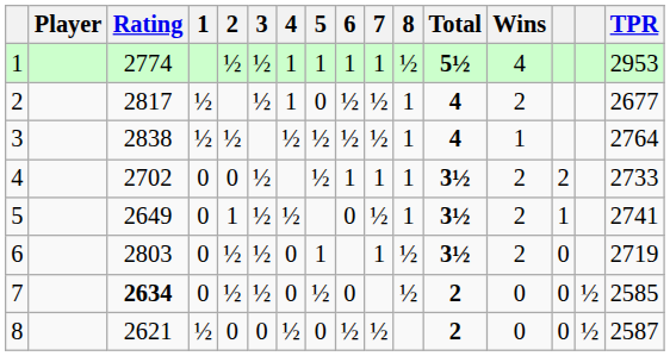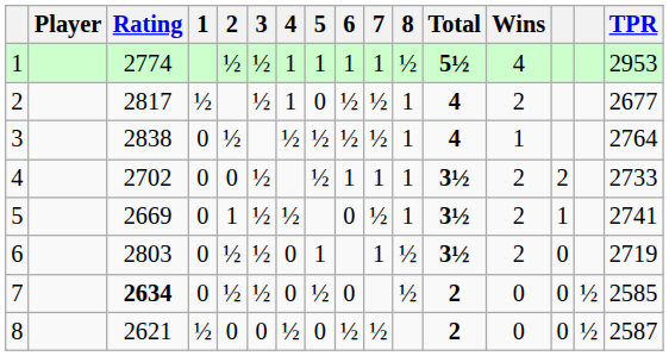 <table class="wikitable" style="text-align: center;">
 <tr>
 <th></th>
 <th>Player</th>
 <th><a href='#'>Rating</a></th>
 <th>1</th>
 <th>2</th>
 <th>3</th>
 <th>4</th>
 <th>5</th>
 <th>6</th>
 <th>7</th>
 <th>8</th>
 <th>Total</th>
 <th>Wins</th>
 <th></th>
 <th></th>
 <th><a href='#'>TPR</a></th>
 </tr>
 <tr style="background:#cfc;">
 <td>1</td>
 <td align=left></td>
 <td>2774</td>
 <td></td>
 <td>½</td>
 <td>½</td>
 <td>1</td>
 <td>1</td>
 <td>1</td>
 <td>1</td>
 <td>½</td>
 <td><strong>5½</strong></td>
 <td>4</td>
 <td></td>
 <td></td>
 <td>2953</td>
 </tr>
 <tr>
 <td>2</td>
 <td align=left></td>
 <td>2817</td>
 <td>½</td>
 <td></td>
 <td>½</td>
 <td>1</td>
 <td>0</td>
 <td>½</td>
 <td>½</td>
 <td>1</td>
 <td><strong>4</strong></td>
 <td>2</td>
 <td></td>
 <td></td>
 <td>2677</td>
 </tr>
 <tr>
 <td>3</td>
 <td align=left></td>
 <td>2838</td>
-<td>½</td>
+<td>0</td>
 <td>½</td>
 <td></td>
 <td>½</td>
 <td>½</td>
 <td>½</td>
 <td>½</td>
 <td>1</td>
 <td><strong>4</strong></td>
 <td>1</td>
 <td></td>
 <td></td>
 <td>2764</td>
 </tr>
 <tr>
 <td>4</td>
 <td align=left></td>
 <td>2702</td>
 <td>0</td>
 <td>0</td>
 <td>½</td>
 <td></td>
 <td>½</td>
 <td>1</td>
 <td>1</td>
 <td>1</td>
 <td><strong>3½</strong></td>
 <td>2</td>
 <td>2</td>
 <td></td>
 <td>2733</td>
 </tr>
 <tr>
 <td>5</td>
 <td align=left></td>
-<td>2649</td>
+<td>2669</td>
 <td>0</td>
 <td>1</td>
 <td>½</td>
 <td>½</td>
 <td></td>
 <td>0</td>
 <td>½</td>
 <td>1</td>
 <td><strong>3½</strong></td>
 <td>2</td>
 <td>1</td>
 <td></td>
 <td>2741</td>
 </tr>
 <tr>
 <td>6</td>
 <td align=left></td>
 <td>2803</td>
 <td>0</td>
 <td>½</td>
 <td>½</td>
 <td>0</td>
 <td>1</td>
 <td></td>
 <td>1</td>
 <td>½</td>
 <td><strong>3½</strong></td>
 <td>2</td>
 <td>0</td>
 <td></td>
 <td>2719</td>
 </tr>
 <tr>
 <td>7</td>
 <td align=left></td>
 <td><strong>2634</strong></td>
 <td>0</td>
 <td>½</td>
 <td>½</td>
 <td>0</td>
 <td>½</td>
 <td>0</td>
 <td></td>
 <td>½</td>
 <td><strong>2</strong></td>
 <td>0</td>
 <td>0</td>
 <td>½</td>
 <td>2585</td>
 </tr>
 <tr>
 <td>8</td>
 <td align=left></td>
 <td>2621</td>
 <td>½</td>
 <td>0</td>
 <td>0</td>
 <td>½</td>
 <td>0</td>
 <td>½</td>
 <td>½</td>
 <td></td>
 <td><strong>2</strong></td>
 <td>0</td>
 <td>0</td>
 <td>½</td>
 <td>2587</td>
 </tr>
 </table>
